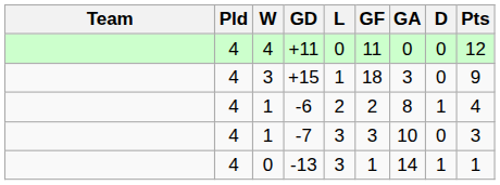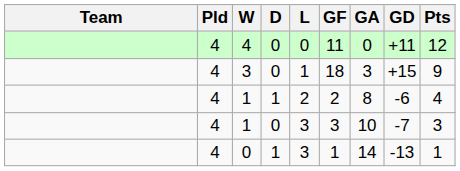 <table class="wikitable" style="text-align: center;">
 <tr>
 <th width=175>Team</th>
 <th style="width:20px;" abbr="Played">Pld</th>
 <th style="width:20px;" abbr="Won">W</th>
-<th style="width:20px;" abbr="Goal difference">GD</th>
+<th style="width:20px;" abbr="Drawn">D</th>
 <th style="width:20px;" abbr="Lost">L</th>
 <th style="width:20px;" abbr="Goals for">GF</th>
 <th style="width:20px;" abbr="Goals against">GA</th>
-<th style="width:20px;" abbr="Drawn">D</th>
+<th style="width:20px;" abbr="Goal difference">GD</th>
 <th style="width:20px;" abbr="Points">Pts</th>
 </tr>
 <tr bgcolor="#ccffcc">
 <td align=left></td>
 <td>4</td>
 <td>4</td>
-<td>+11</td>
+<td>0</td>
 <td>0</td>
 <td>11</td>
 <td>0</td>
-<td>0</td>
+<td>+11</td>
 <td>12</td>
 </tr>
 <tr>
 <td ALIGN=LEFT></td>
 <td>4</td>
 <td>3</td>
-<td>+15</td>
+<td>0</td>
 <td>1</td>
 <td>18</td>
 <td>3</td>
-<td>0</td>
+<td>+15</td>
 <td>9</td>
 </tr>
 <tr>
 <td align=left></td>
 <td>4</td>
 <td>1</td>
-<td>-6</td>
+<td>1</td>
 <td>2</td>
 <td>2</td>
 <td>8</td>
-<td>1</td>
+<td>-6</td>
 <td>4</td>
 </tr>
 <tr>
 <td ALIGN=LEFT></td>
 <td>4</td>
 <td>1</td>
-<td>-7</td>
+<td>0</td>
 <td>3</td>
 <td>3</td>
 <td>10</td>
-<td>0</td>
+<td>-7</td>
 <td>3</td>
 </tr>
 <tr>
 <td align=left></td>
 <td>4</td>
 <td>0</td>
-<td>-13</td>
+<td>1</td>
 <td>3</td>
 <td>1</td>
 <td>14</td>
-<td>1</td>
+<td>-13</td>
 <td>1</td>
 </tr>
 </table>
